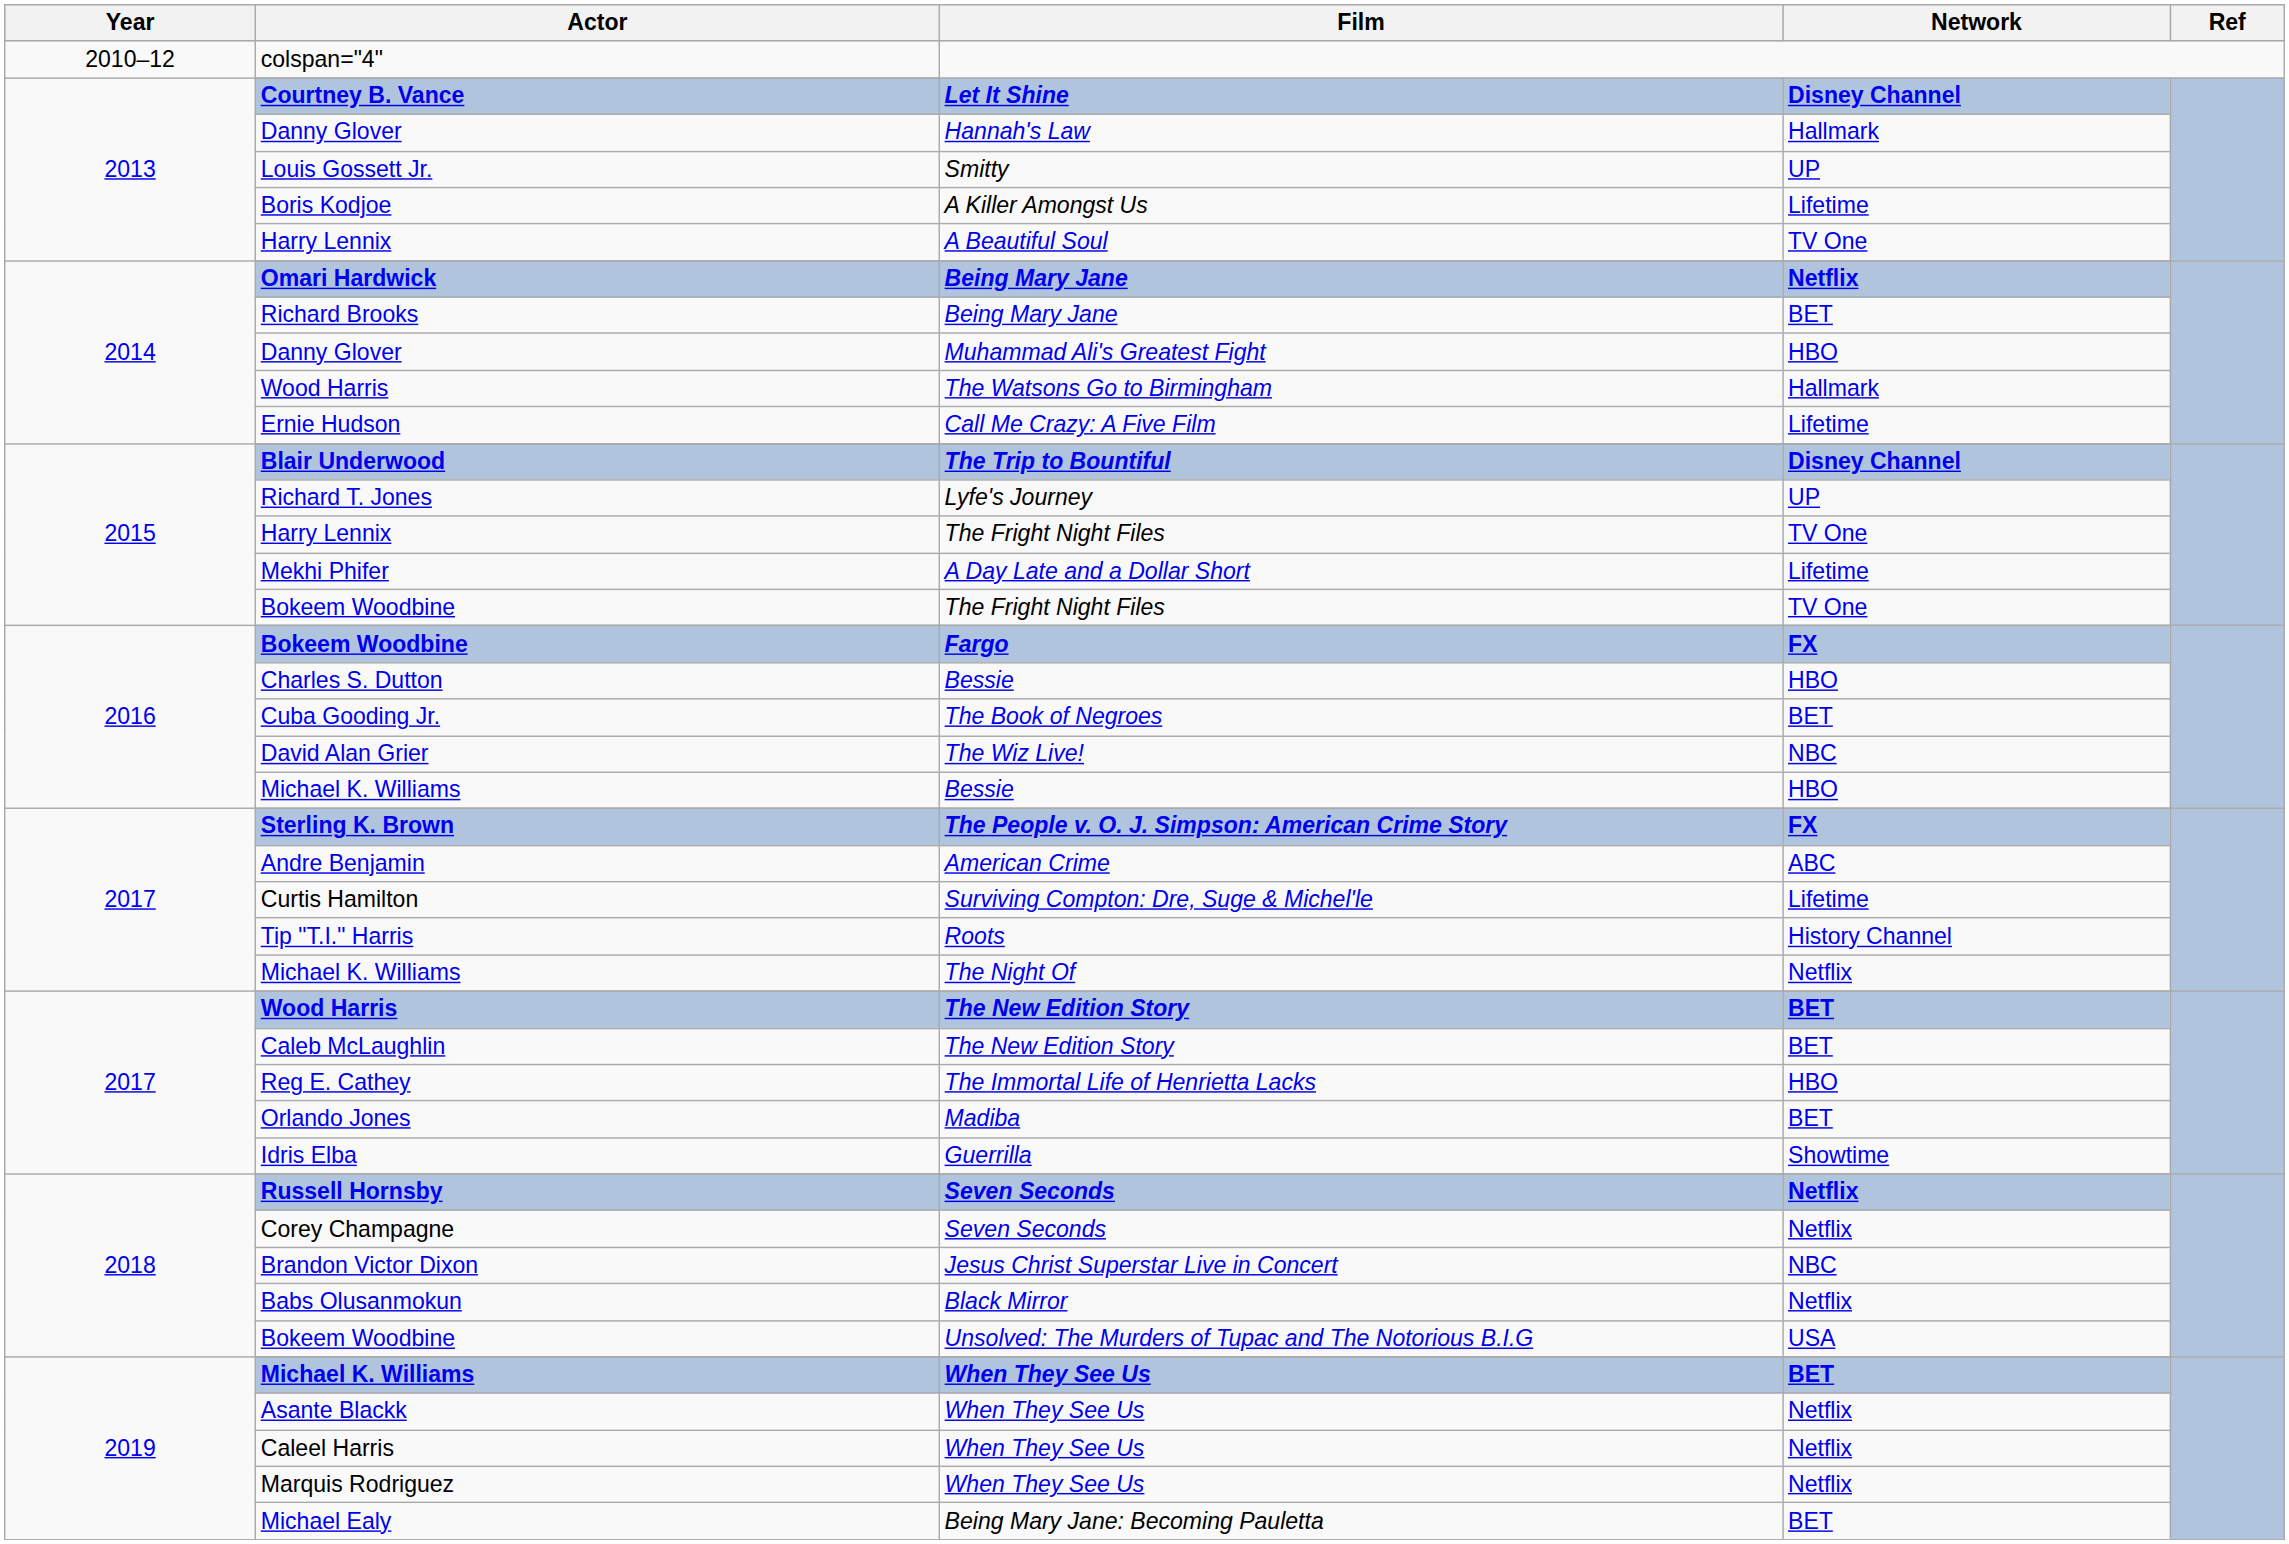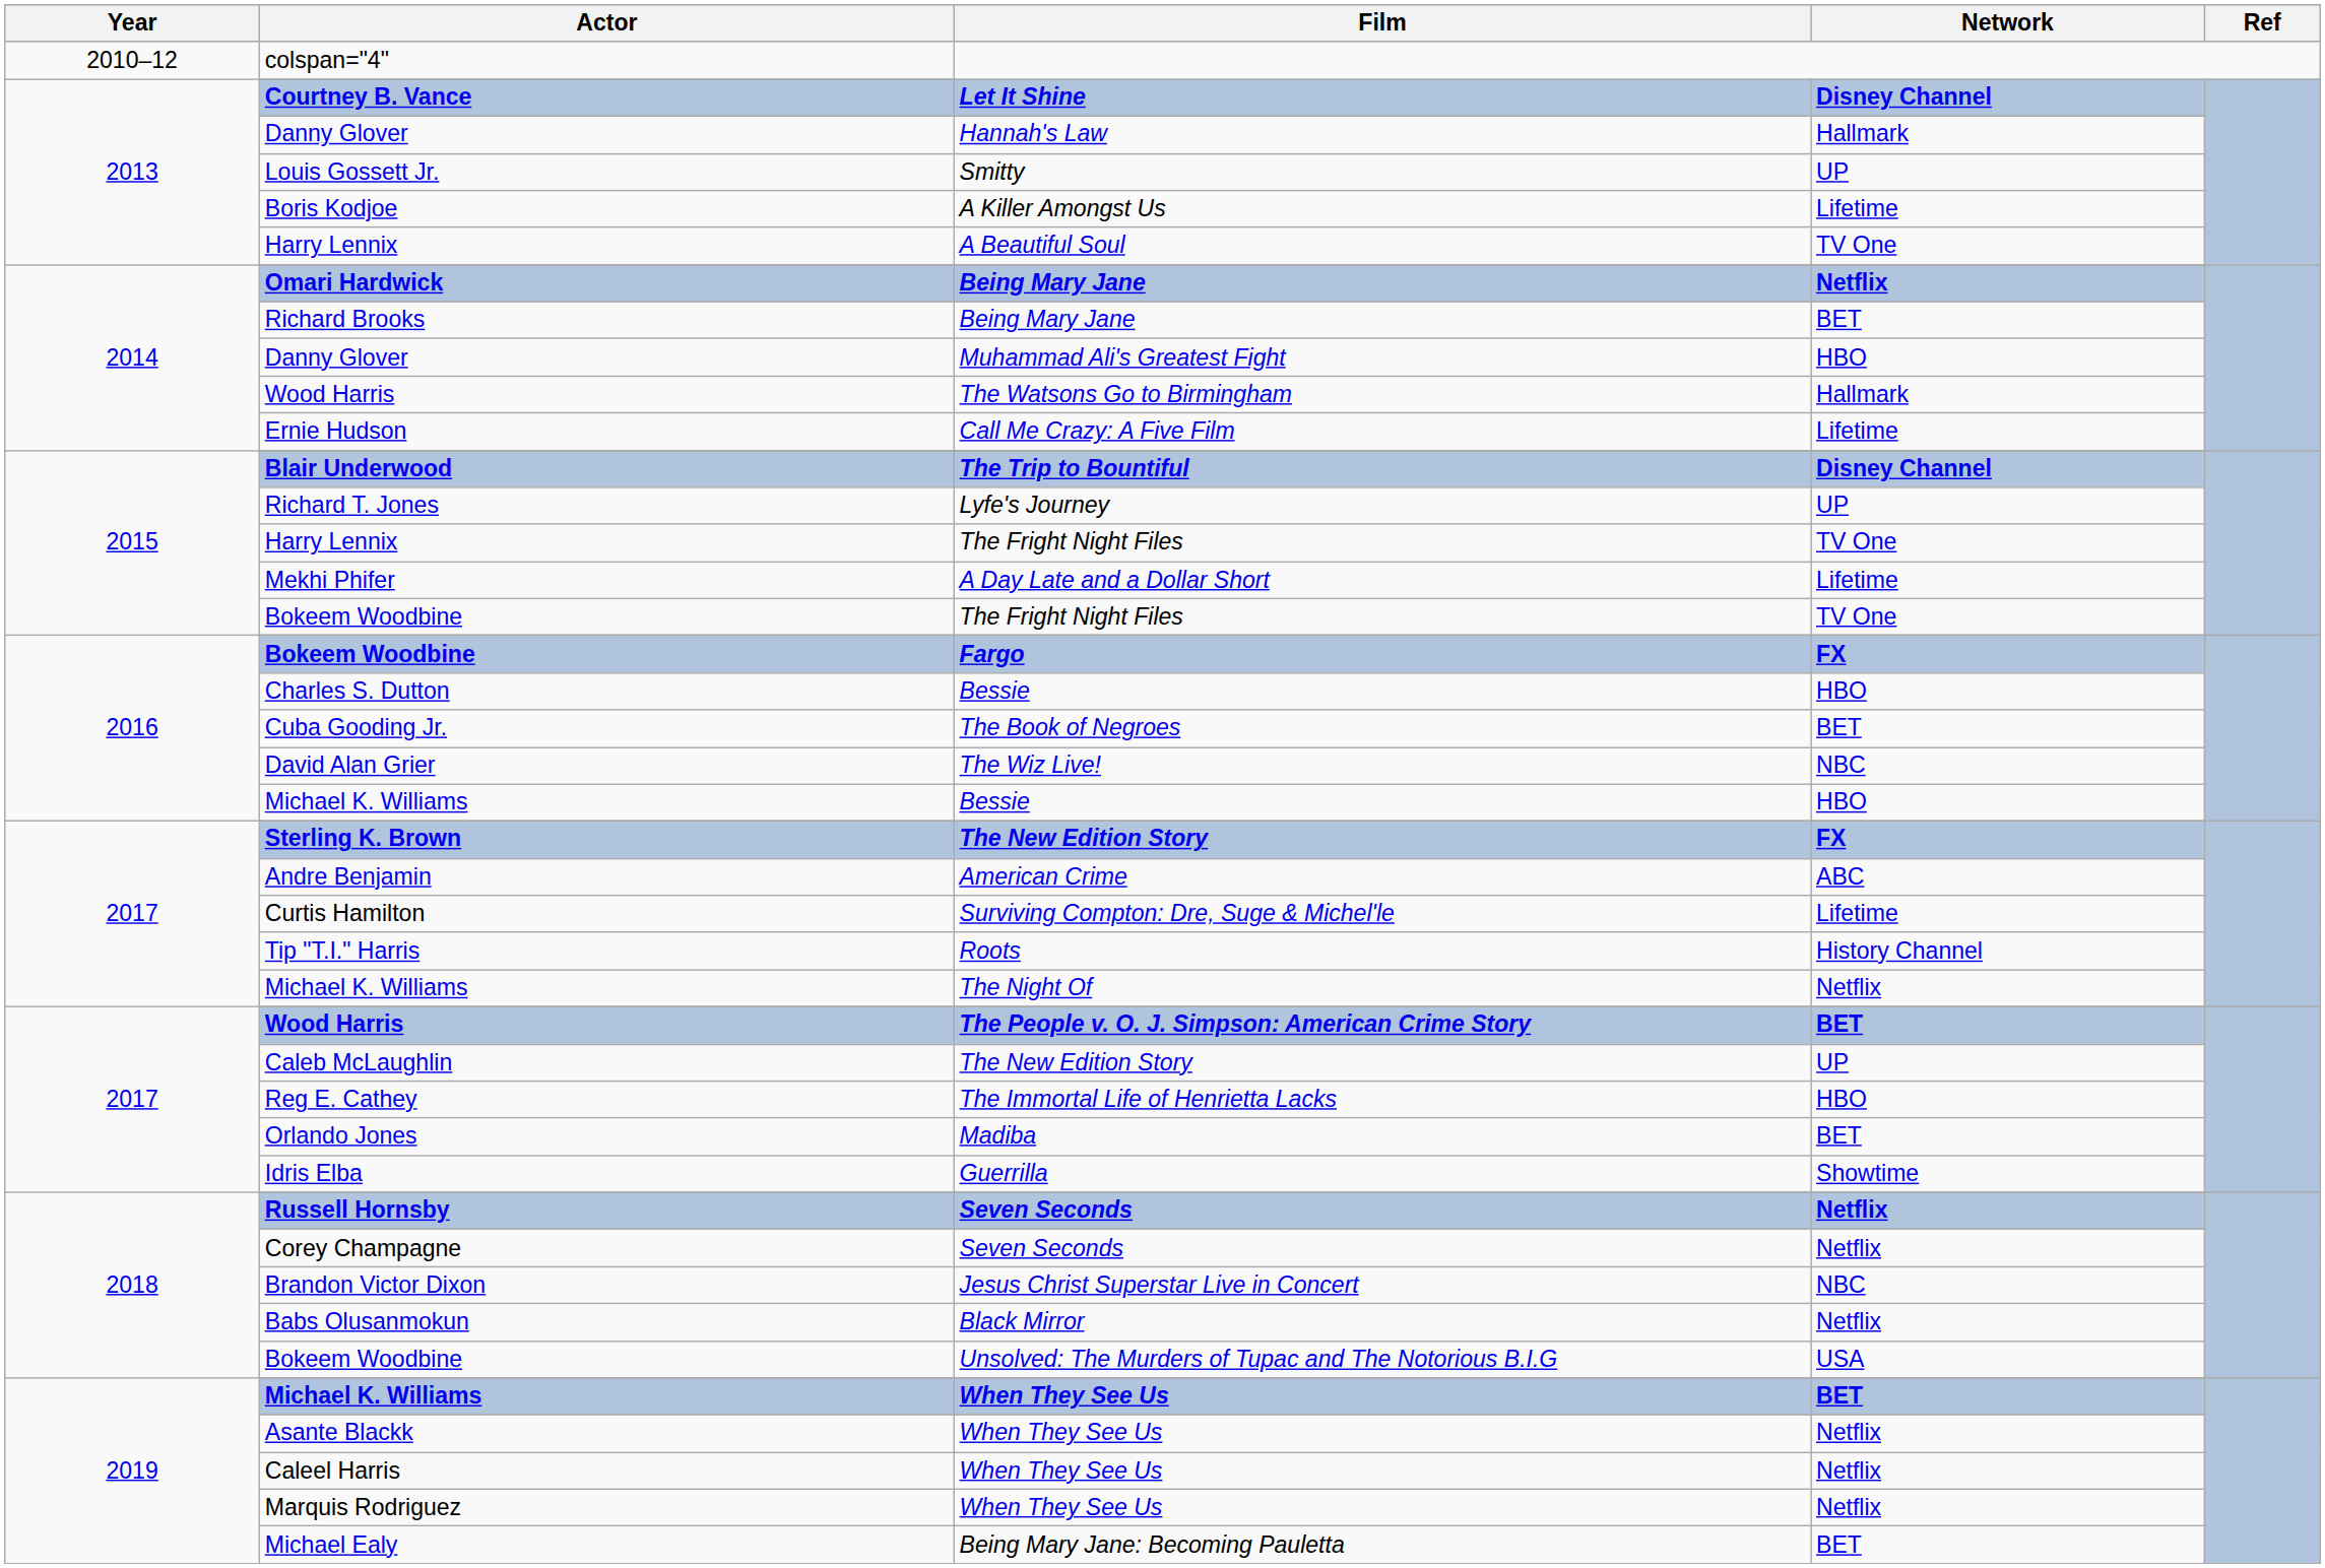 <table class="wikitable" style="width:100%;">
 <tr style="background:#bebebe;">
 <th style="width:11%;">Year</th>
 <th style="width:30%;">Actor</th>
 <th style="width:37%;">Film</th>
 <th style="width:17%;">Network</th>
 <th style="width:5%;">Ref</th>
 </tr>
 <tr>
 <td align="center">2010–12</td>
 <td>colspan="4" </td>
 </tr>
 <tr>
 <td rowspan="6" align="center"><a href='#'>2013</a></td>
 </tr>
 <tr style="background:#B0C4DE">
 <td><strong><a href='#'>Courtney B. Vance</a></strong></td>
 <td><strong><em><a href='#'>Let It Shine</a></em></strong></td>
 <td><strong><a href='#'>Disney Channel</a></strong></td>
 <td rowspan="6" align="center"></td>
 </tr>
 <tr>
 <td><a href='#'>Danny Glover</a></td>
 <td><em><a href='#'>Hannah's Law</a></em></td>
 <td><a href='#'>Hallmark</a></td>
 </tr>
 <tr>
 <td><a href='#'>Louis Gossett Jr.</a></td>
 <td><em>Smitty</em></td>
 <td><a href='#'>UP</a></td>
 </tr>
 <tr>
 <td><a href='#'>Boris Kodjoe</a></td>
 <td><em>A Killer Amongst Us</em></td>
 <td><a href='#'>Lifetime</a></td>
 </tr>
 <tr>
 <td><a href='#'>Harry Lennix</a></td>
 <td><em><a href='#'>A Beautiful Soul</a></em></td>
 <td><a href='#'>TV One</a></td>
 </tr>
 <tr>
 <td rowspan="6" align="center"><a href='#'>2014</a></td>
 </tr>
 <tr style="background:#B0C4DE">
 <td><strong><a href='#'>Omari Hardwick</a></strong></td>
 <td><strong><em><a href='#'>Being Mary Jane</a></em></strong></td>
 <td><strong><a href='#'>Netflix</a></strong></td>
 <td rowspan="6" align="center"></td>
 </tr>
 <tr>
 <td><a href='#'>Richard Brooks</a></td>
 <td><em><a href='#'>Being Mary Jane</a></em></td>
 <td><a href='#'>BET</a></td>
 </tr>
 <tr>
 <td><a href='#'>Danny Glover</a></td>
 <td><em><a href='#'>Muhammad Ali's Greatest Fight</a></em></td>
 <td><a href='#'>HBO</a></td>
 </tr>
 <tr>
 <td><a href='#'>Wood Harris</a></td>
 <td><em><a href='#'>The Watsons Go to Birmingham</a></em></td>
 <td><a href='#'>Hallmark</a></td>
 </tr>
 <tr>
 <td><a href='#'>Ernie Hudson</a></td>
 <td><em><a href='#'>Call Me Crazy: A Five Film</a></em></td>
 <td><a href='#'>Lifetime</a></td>
 </tr>
 <tr>
 <td rowspan="6" align="center"><a href='#'>2015</a></td>
 </tr>
 <tr style="background:#B0C4DE">
 <td><strong><a href='#'>Blair Underwood</a></strong></td>
 <td><strong><em><a href='#'>The Trip to Bountiful</a></em></strong></td>
 <td><strong><a href='#'>Disney Channel</a></strong></td>
 <td rowspan="6" align="center"></td>
 </tr>
 <tr>
 <td><a href='#'>Richard T. Jones</a></td>
 <td><em>Lyfe's Journey</em></td>
 <td><a href='#'>UP</a></td>
 </tr>
 <tr>
 <td><a href='#'>Harry Lennix</a></td>
 <td><em>The Fright Night Files</em></td>
 <td><a href='#'>TV One</a></td>
 </tr>
 <tr>
 <td><a href='#'>Mekhi Phifer</a></td>
 <td><em><a href='#'>A Day Late and a Dollar Short</a></em></td>
 <td><a href='#'>Lifetime</a></td>
 </tr>
 <tr>
 <td><a href='#'>Bokeem Woodbine</a></td>
 <td><em>The Fright Night Files</em></td>
 <td><a href='#'>TV One</a></td>
 </tr>
 <tr>
 <td rowspan="6" align="center"><a href='#'>2016</a></td>
 </tr>
 <tr style="background:#B0C4DE">
 <td><strong><a href='#'>Bokeem Woodbine</a></strong></td>
 <td><strong><em><a href='#'>Fargo</a></em></strong></td>
 <td><strong><a href='#'>FX</a></strong></td>
 <td rowspan="6" align="center"></td>
 </tr>
 <tr>
 <td><a href='#'>Charles S. Dutton</a></td>
 <td><em><a href='#'>Bessie</a></em></td>
 <td><a href='#'>HBO</a></td>
 </tr>
 <tr>
 <td><a href='#'>Cuba Gooding Jr.</a></td>
 <td><em><a href='#'>The Book of Negroes</a></em></td>
 <td><a href='#'>BET</a></td>
 </tr>
 <tr>
 <td><a href='#'>David Alan Grier</a></td>
 <td><em><a href='#'>The Wiz Live!</a></em></td>
 <td><a href='#'>NBC</a></td>
 </tr>
 <tr>
 <td><a href='#'>Michael K. Williams</a></td>
 <td><em><a href='#'>Bessie</a></em></td>
 <td><a href='#'>HBO</a></td>
 </tr>
 <tr>
 <td rowspan="6" align="center"><a href='#'>2017</a></td>
 </tr>
 <tr style="background:#B0C4DE">
 <td><strong><a href='#'>Sterling K. Brown</a></strong></td>
-<td><strong><em><a href='#'>The People v. O. J. Simpson: American Crime Story</a></em></strong></td>
+<td><strong><em><a href='#'>The New Edition Story</a></em></strong></td>
 <td><strong><a href='#'>FX</a></strong></td>
 <td rowspan="6" align="center"></td>
 </tr>
 <tr>
 <td><a href='#'>Andre Benjamin</a></td>
 <td><em><a href='#'>American Crime</a></em></td>
 <td><a href='#'>ABC</a></td>
 </tr>
 <tr>
 <td>Curtis Hamilton</td>
 <td><em><a href='#'>Surviving Compton: Dre, Suge & Michel'le</a></em></td>
 <td><a href='#'>Lifetime</a></td>
 </tr>
 <tr>
 <td><a href='#'>Tip "T.I." Harris</a></td>
 <td><em><a href='#'>Roots</a></em></td>
 <td><a href='#'>History Channel</a></td>
 </tr>
 <tr>
 <td><a href='#'>Michael K. Williams</a></td>
 <td><em><a href='#'>The Night Of</a></em></td>
 <td><a href='#'>Netflix</a></td>
 </tr>
 <tr>
 <td rowspan="6" align="center"><a href='#'>2017</a></td>
 </tr>
 <tr style="background:#B0C4DE">
 <td><strong><a href='#'>Wood Harris</a></strong></td>
-<td><strong><em><a href='#'>The New Edition Story</a></em></strong></td>
+<td><strong><em><a href='#'>The People v. O. J. Simpson: American Crime Story</a></em></strong></td>
 <td><strong><a href='#'>BET</a></strong></td>
 <td rowspan="6" align="center"></td>
 </tr>
 <tr>
 <td><a href='#'>Caleb McLaughlin</a></td>
 <td><em><a href='#'>The New Edition Story</a></em></td>
-<td><a href='#'>BET</a></td>
+<td><a href='#'>UP</a></td>
 </tr>
 <tr>
 <td><a href='#'>Reg E. Cathey</a></td>
 <td><em><a href='#'>The Immortal Life of Henrietta Lacks</a></em></td>
 <td><a href='#'>HBO</a></td>
 </tr>
 <tr>
 <td><a href='#'>Orlando Jones</a></td>
 <td><em><a href='#'>Madiba</a></em></td>
 <td><a href='#'>BET</a></td>
 </tr>
 <tr>
 <td><a href='#'>Idris Elba</a></td>
 <td><em><a href='#'>Guerrilla</a></em></td>
 <td><a href='#'>Showtime</a></td>
 </tr>
 <tr>
 <td rowspan="6" align="center"><a href='#'>2018</a></td>
 </tr>
 <tr style="background:#B0C4DE">
 <td><strong><a href='#'>Russell Hornsby</a></strong></td>
 <td><strong><em><a href='#'>Seven Seconds</a></em></strong></td>
 <td><strong><a href='#'>Netflix</a></strong></td>
 <td rowspan="6" align="center"></td>
 </tr>
 <tr>
 <td>Corey Champagne</td>
 <td><em><a href='#'>Seven Seconds</a></em></td>
 <td><a href='#'>Netflix</a></td>
 </tr>
 <tr>
 <td><a href='#'>Brandon Victor Dixon</a></td>
 <td><em><a href='#'>Jesus Christ Superstar Live in Concert</a></em></td>
 <td><a href='#'>NBC</a></td>
 </tr>
 <tr>
 <td><a href='#'>Babs Olusanmokun</a></td>
 <td><em><a href='#'>Black Mirror</a></em></td>
 <td><a href='#'>Netflix</a></td>
 </tr>
 <tr>
 <td><a href='#'>Bokeem Woodbine</a></td>
 <td><em><a href='#'>Unsolved: The Murders of Tupac and The Notorious B.I.G</a></em></td>
 <td><a href='#'>USA</a></td>
 </tr>
 <tr>
 <td rowspan="6" align="center"><a href='#'>2019</a></td>
 </tr>
 <tr style="background:#B0C4DE">
 <td><strong><a href='#'>Michael K. Williams</a></strong></td>
 <td><strong><em><a href='#'>When They See Us</a></em></strong></td>
 <td><strong><a href='#'>BET</a></strong></td>
 <td rowspan="6" align="center"></td>
 </tr>
 <tr>
 <td><a href='#'>Asante Blackk</a></td>
 <td><em><a href='#'>When They See Us</a></em></td>
 <td><a href='#'>Netflix</a></td>
 </tr>
 <tr>
 <td>Caleel Harris</td>
 <td><em><a href='#'>When They See Us</a></em></td>
 <td><a href='#'>Netflix</a></td>
 </tr>
 <tr>
 <td>Marquis Rodriguez</td>
 <td><em><a href='#'>When They See Us</a></em></td>
 <td><a href='#'>Netflix</a></td>
 </tr>
 <tr>
 <td><a href='#'>Michael Ealy</a></td>
 <td><em>Being Mary Jane: Becoming Pauletta</em></td>
 <td><a href='#'>BET</a></td>
 </tr>
 </table>
